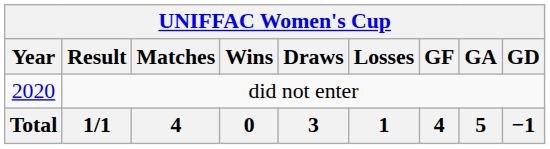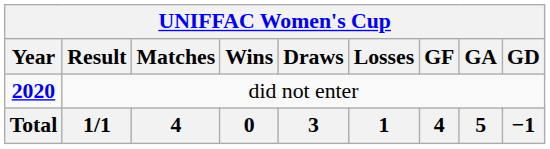 <table class="wikitable" style="text-align: center;">
 <tr>
 <th colspan=9><a href='#'>UNIFFAC Women's Cup</a></th>
 </tr>
 <tr>
 <th>Year</th>
 <th>Result</th>
 <th>Matches</th>
 <th>Wins</th>
 <th>Draws</th>
 <th>Losses</th>
 <th>GF</th>
 <th>GA</th>
 <th>GD</th>
 </tr>
 <tr>
-<td><a href='#'>2020</a></td>
+<td><strong><a href='#'>2020</a></strong></td>
 <td colspan=8>did not enter</td>
 </tr>
 <tr>
 <th>Total</th>
 <th>1/1</th>
 <th>4</th>
 <th>0</th>
 <th>3</th>
 <th>1</th>
 <th>4</th>
 <th>5</th>
 <th>−1</th>
 </tr>
 </table>
